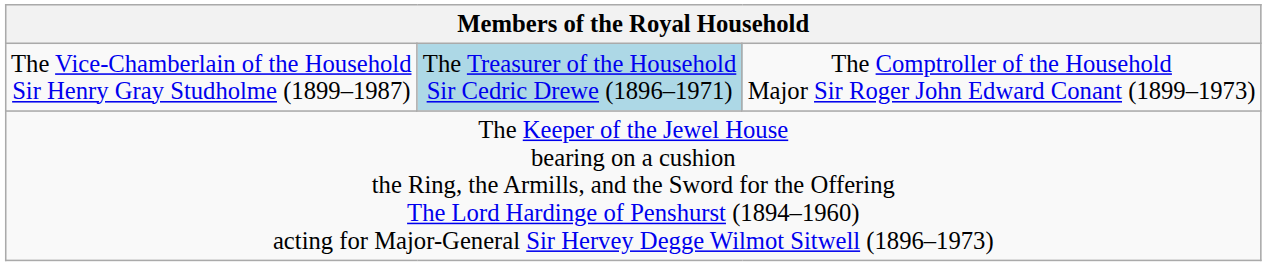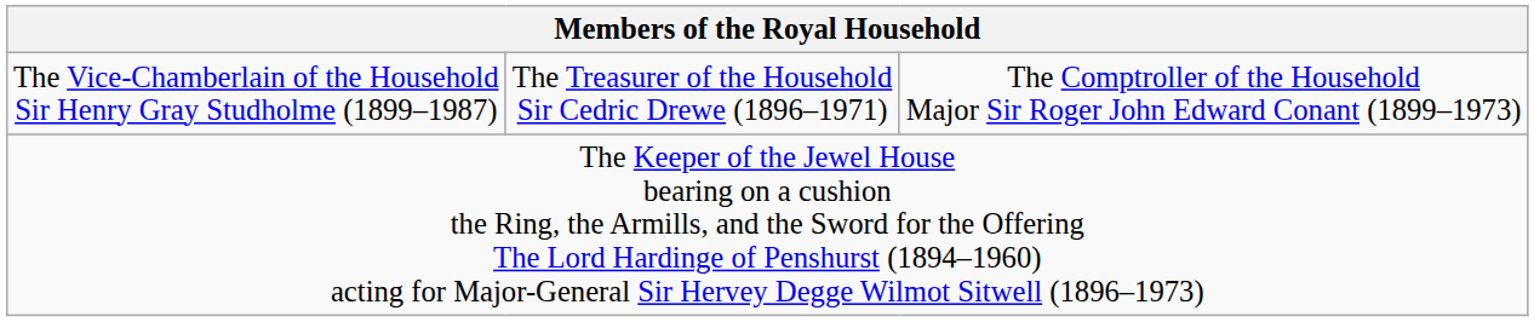 <table class="wikitable" style="text-align:center; margin-left: auto; margin-right: auto; border: none;">
 <tr>
 <th colspan="3" style="text-align:center"><strong>Members of the Royal Household</strong></th>
 </tr>
 <tr>
 <td>The <a href='#'>Vice-Chamberlain of the Household</a><br><a href='#'>Sir Henry Gray Studholme</a> (1899–1987)</td>
-<td style="background: lightblue;">The <a href='#'>Treasurer of the Household</a><br><a href='#'>Sir Cedric Drewe</a> (1896–1971)</td>
+<td>The <a href='#'>Treasurer of the Household</a><br><a href='#'>Sir Cedric Drewe</a> (1896–1971)</td>
 <td>The <a href='#'>Comptroller of the Household</a><br>Major <a href='#'>Sir Roger John Edward Conant</a> (1899–1973)</td>
 </tr>
 <tr>
 <td colspan="3">The <a href='#'>Keeper of the Jewel House</a><br>bearing on a cushion<br>the Ring, the Armills, and the Sword for the Offering<br><a href='#'>The Lord Hardinge of Penshurst</a>  (1894–1960)<br>acting for Major-General <a href='#'>Sir Hervey Degge Wilmot Sitwell</a>  (1896–1973)</td>
 </tr>
 </table>
